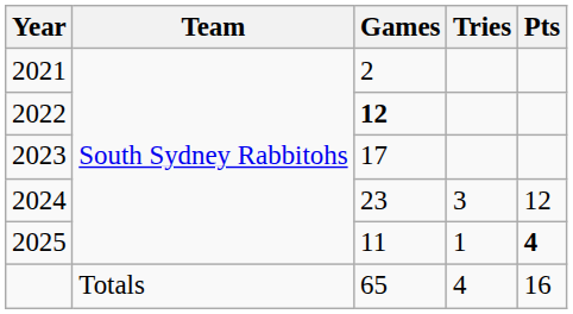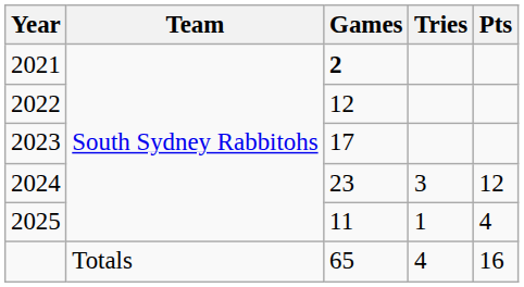 <table class="wikitable">
 <tr>
 <th>Year</th>
 <th>Team</th>
 <th>Games</th>
 <th>Tries</th>
 <th>Pts</th>
 </tr>
 <tr>
 <td>2021</td>
 <td rowspan="5"> <a href='#'>South Sydney Rabbitohs</a></td>
-<td>2</td>
+<td><strong>2</strong></td>
 <td></td>
 <td></td>
 </tr>
 <tr>
 <td>2022</td>
-<td><strong>12</strong></td>
+<td>12</td>
 <td></td>
 <td></td>
 </tr>
 <tr>
 <td>2023</td>
 <td>17</td>
 <td></td>
 <td></td>
 </tr>
 <tr>
 <td>2024</td>
 <td>23</td>
 <td>3</td>
 <td>12</td>
 </tr>
 <tr>
 <td>2025</td>
 <td>11</td>
 <td>1</td>
-<td><strong>4</strong></td>
+<td>4</td>
 </tr>
 <tr>
 <td></td>
 <td>Totals</td>
 <td>65</td>
 <td>4</td>
 <td>16</td>
 </tr>
 </table>
